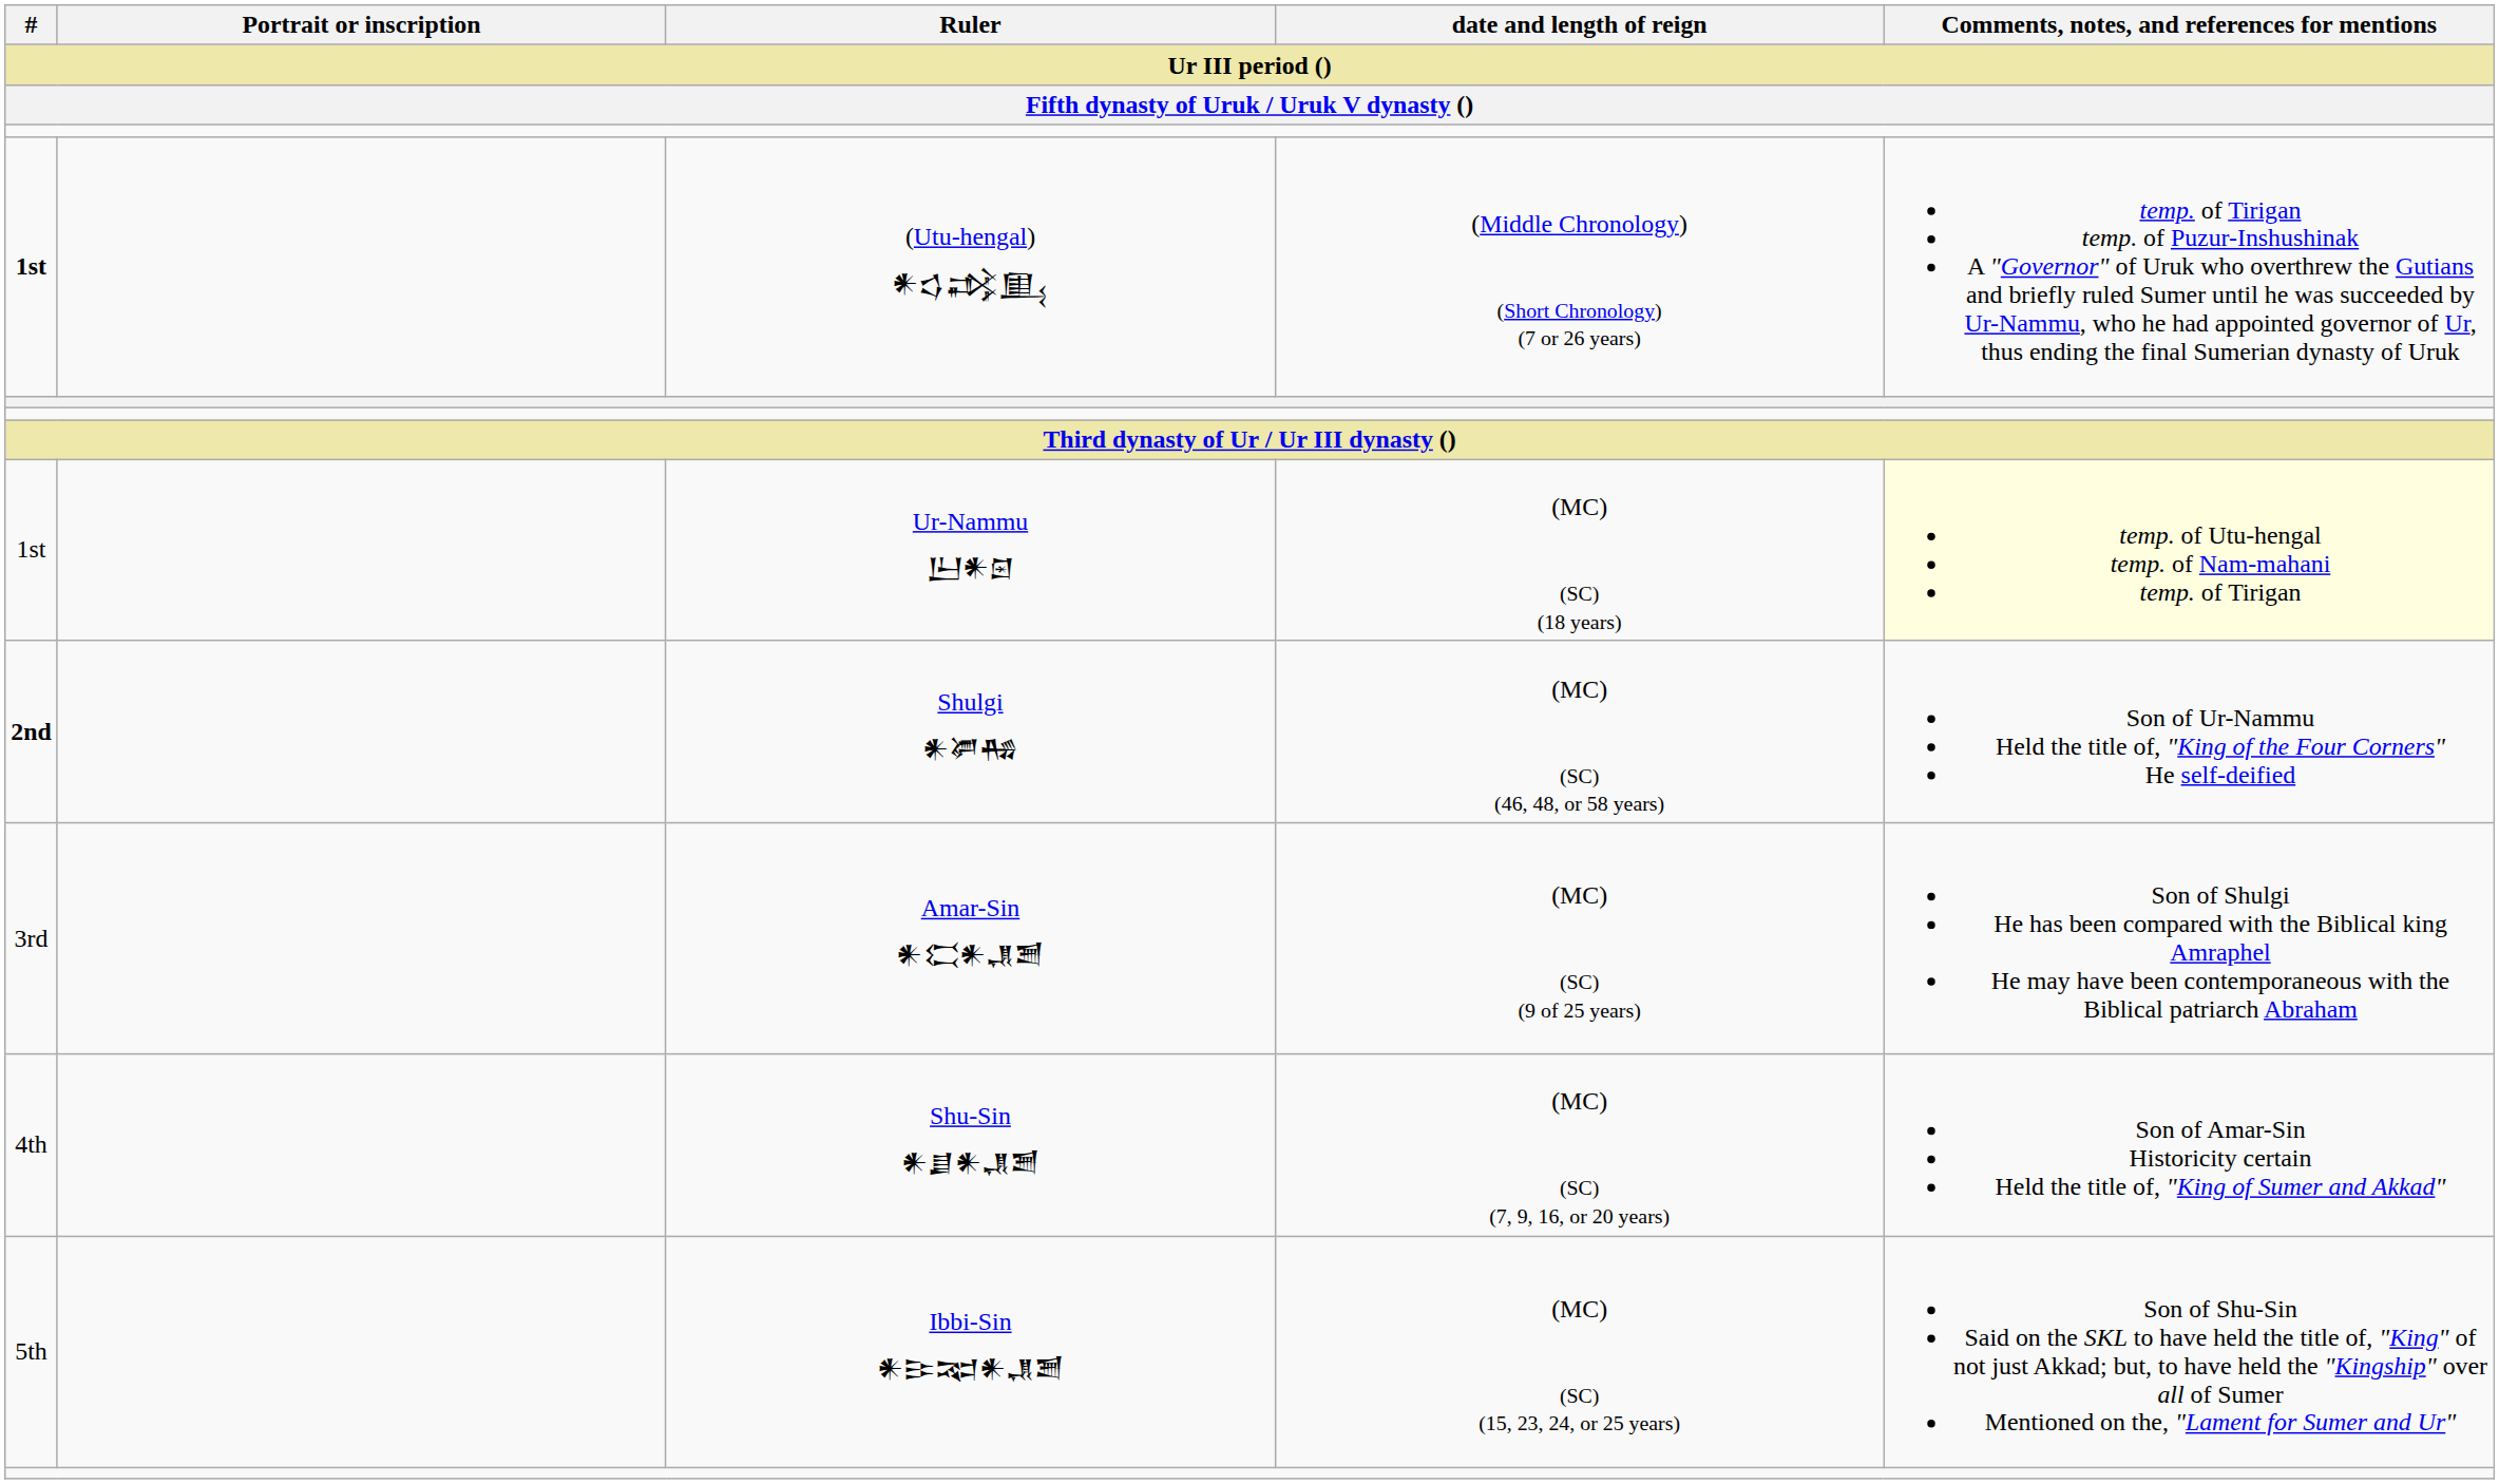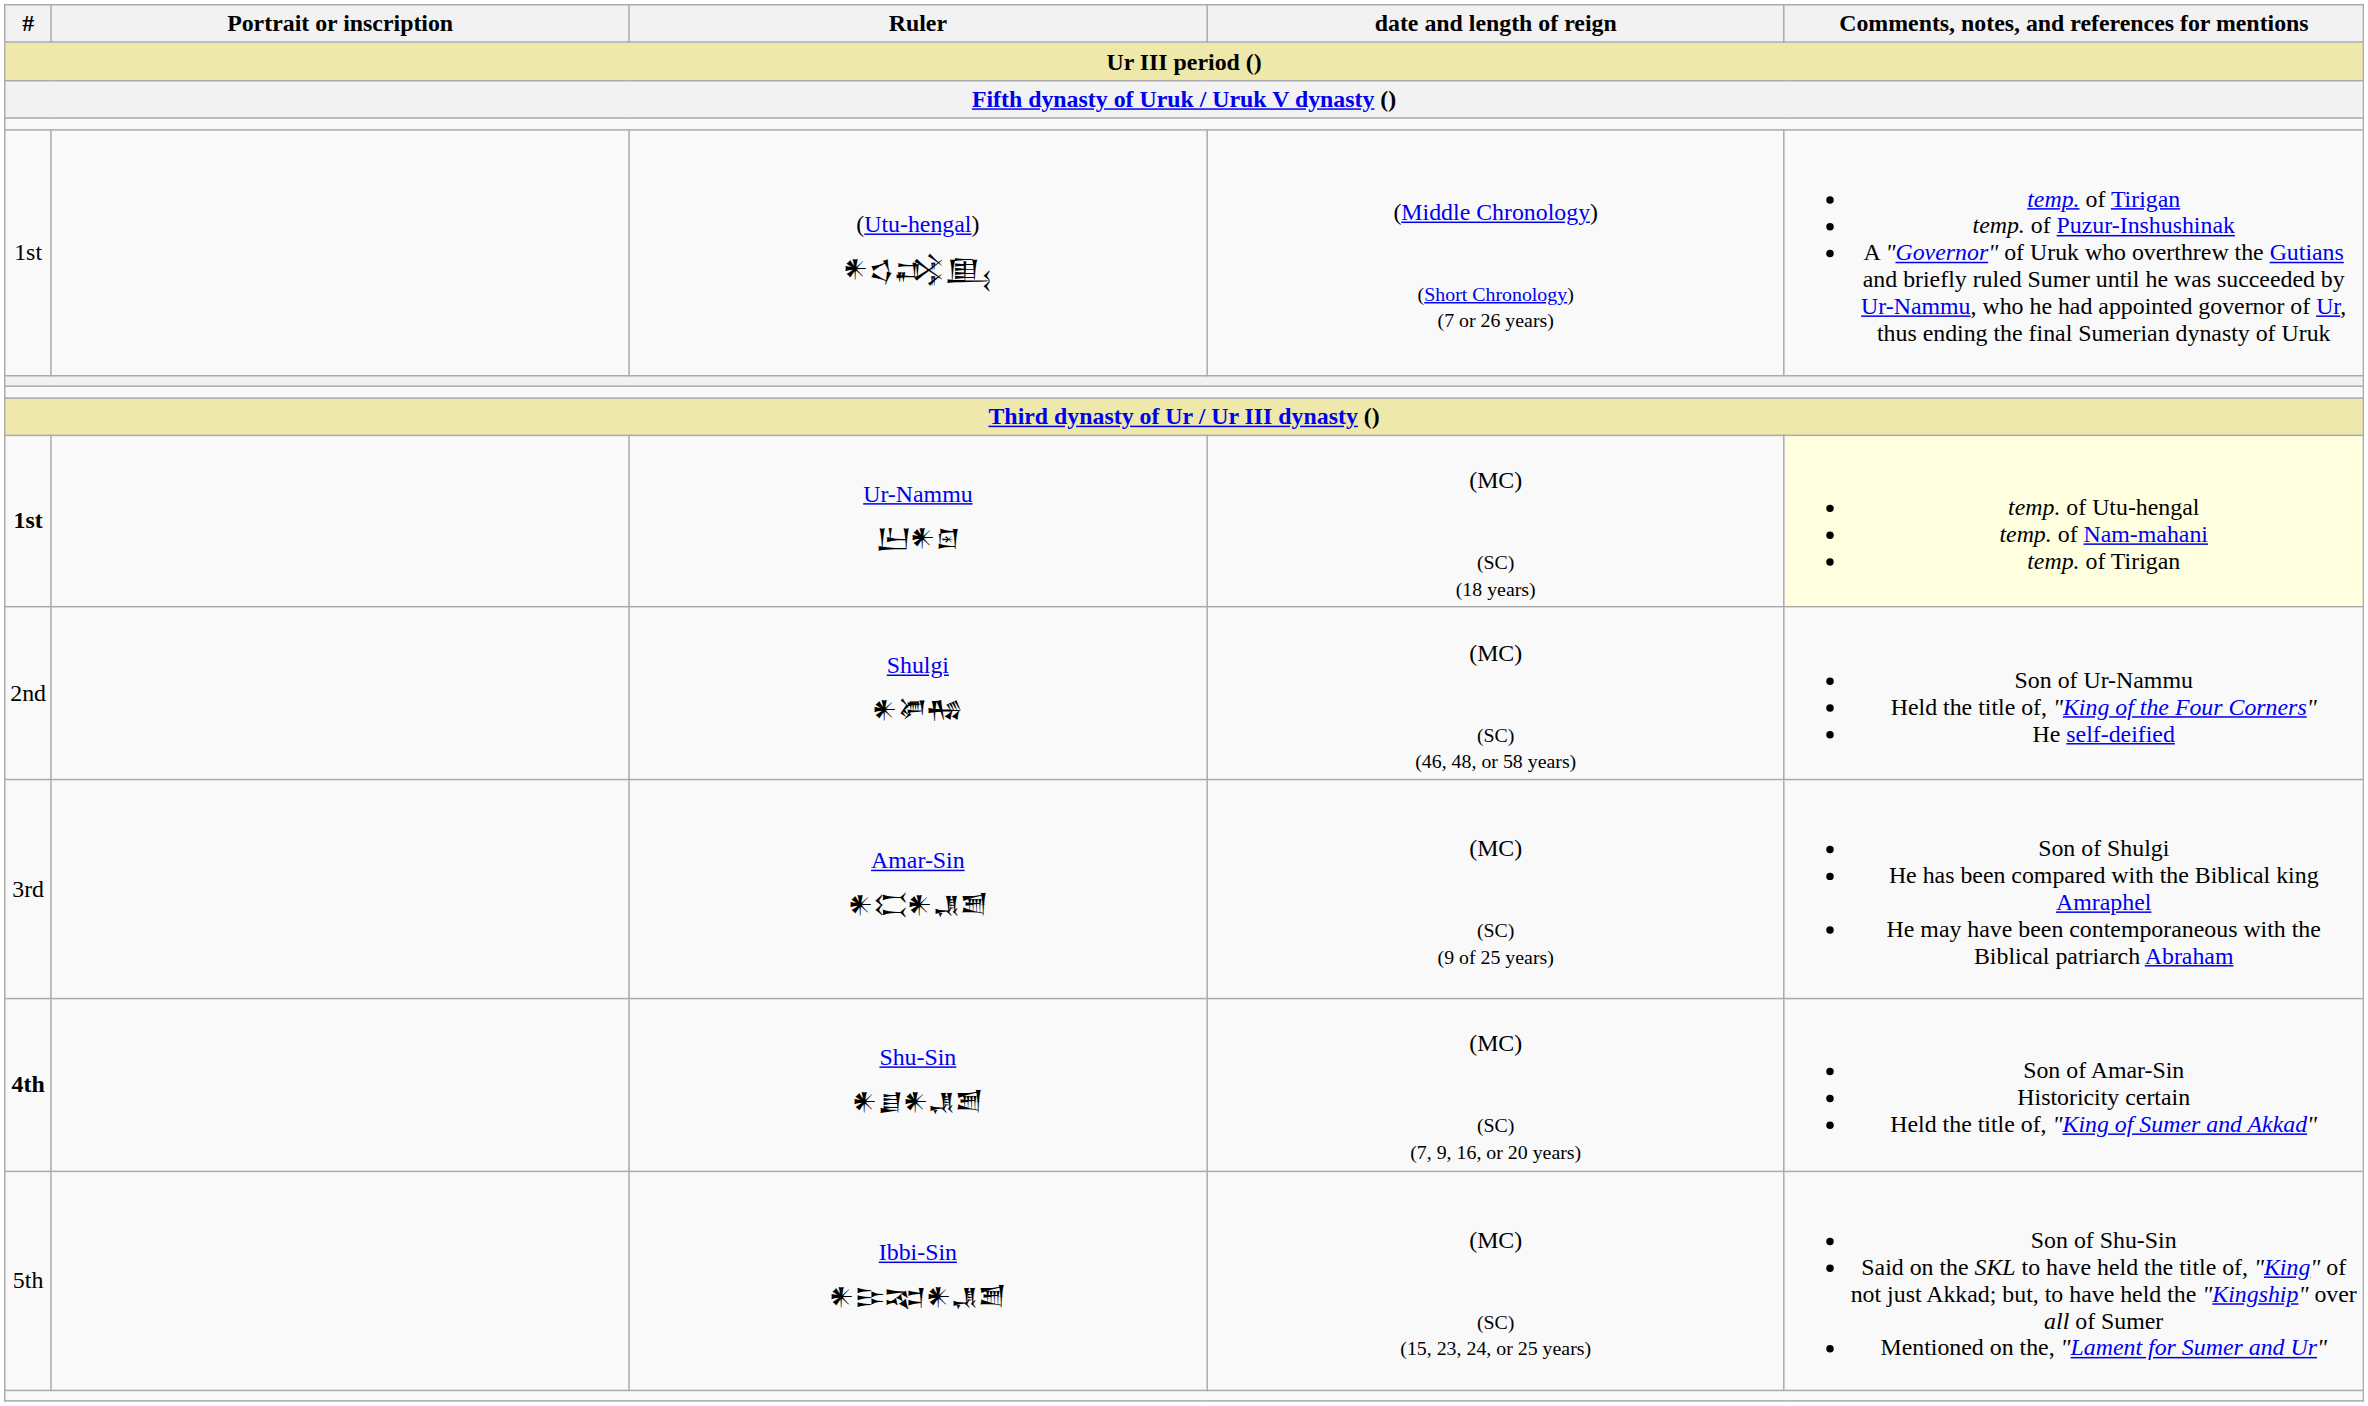 <table class="wikitable"border="1"style="width:100%;text-align:center">
 <tr>
 <th width="1%">#</th>
 <th width="24.75%">Portrait or inscription</th>
 <th width="24.75%">Ruler</th>
 <th width="24.75%"> date and length of reign</th>
 <th width="24.75%">Comments, notes, and references for mentions</th>
 </tr>
 <tr>
 <td colspan="5"align="center"style="background-color:palegoldenrod"><strong>Ur III period ()</strong></td>
 </tr>
 <tr>
 <th colspan="5"><a href='#'>Fifth dynasty of Uruk / Uruk V dynasty</a> ()</th>
 </tr>
 <tr>
 <td colspan="5"align="left"></td>
 </tr>
 <tr>
-<td><strong>1st</strong></td>
+<td>1st</td>
 <td></td>
 <td>(<a href='#'>Utu-hengal</a>)<br>𒀭𒌓𒃶𒅅</td>
 <td><br>(<a href='#'>Middle Chronology</a>)<br><br><small><br>(<a href='#'>Short Chronology</a>)<br>(7 or 26 years)</small></td>
 <td><br><ul><li><em><a href='#'>temp.</a></em> of <a href='#'>Tirigan</a></li><li><em>temp.</em> of <a href='#'>Puzur-Inshushinak</a></li><li>A <em>"<a href='#'>Governor</a>"</em> of Uruk who overthrew the <a href='#'>Gutians</a> and briefly ruled Sumer until he was succeeded by <a href='#'>Ur-Nammu</a>, who he had appointed governor of <a href='#'>Ur</a>, thus ending the final Sumerian dynasty of Uruk</li></ul></td>
 </tr>
 <tr>
 <th colspan="5"></th>
 </tr>
 <tr>
 <td colspan="5"align="left"></td>
 </tr>
 <tr>
 <td colspan="5"align="center"style="background-color:palegoldenrod"><strong><a href='#'>Third dynasty of Ur / Ur III dynasty</a> ()</strong></td>
 </tr>
 <tr>
-<td>1st</td>
+<td><strong>1st</strong></td>
 <td></td>
 <td><a href='#'>Ur-Nammu</a><br>𒌨𒀭𒇉</td>
 <td><br>(MC)<br><br><small><br>(SC)<br>(18 years)</small></td>
 <td style="background: lightyellow;"><br><ul><li><em>temp.</em> of Utu-hengal</li><li><em>temp.</em> of <a href='#'>Nam-mahani</a></li><li><em>temp.</em> of Tirigan</li></ul></td>
 </tr>
 <tr>
-<td><strong>2nd</strong></td>
+<td>2nd</td>
 <td></td>
 <td><a href='#'>Shulgi</a><br>𒀭𒂄𒄀</td>
 <td><br>(MC)<br><br><small><br>(SC)<br>(46, 48, or 58 years)</small></td>
 <td><br><ul><li>Son of Ur-Nammu</li><li>Held the title of, <em>"<a href='#'>King of the Four Corners</a>"</em></li><li>He <a href='#'>self-deified</a></li></ul></td>
 </tr>
 <tr>
 <td>3rd</td>
 <td></td>
 <td><a href='#'>Amar-Sin</a><br>𒀭𒀫𒀭𒂗𒍪</td>
 <td><br>(MC)<br><br><small><br>(SC)<br>(9 of 25 years)</small></td>
 <td><br><ul><li>Son of Shulgi</li><li>He has been compared with the Biblical king <a href='#'>Amraphel</a></li><li>He may have been contemporaneous with the Biblical patriarch <a href='#'>Abraham</a></li></ul></td>
 </tr>
 <tr>
-<td>4th</td>
+<td><strong>4th</strong></td>
 <td></td>
 <td><a href='#'>Shu-Sin</a><br>𒀭𒋗𒀭𒂗𒍪</td>
 <td><br>(MC)<br><br><small><br>(SC)<br>(7, 9, 16, or 20 years)</small></td>
 <td><br><ul><li>Son of Amar-Sin</li><li>Historicity certain</li><li>Held the title of, <em>"<a href='#'>King of Sumer and Akkad</a>"</em></li></ul></td>
 </tr>
 <tr>
 <td>5th</td>
 <td></td>
 <td><a href='#'>Ibbi-Sin</a><br>𒀭𒄿𒉈𒀭𒂗𒍪</td>
 <td><br>(MC)<br><br><small><br>(SC)<br>(15, 23, 24, or 25 years)</small></td>
 <td><br><ul><li>Son of Shu-Sin</li><li>Said on the <em>SKL</em> to have held the title of, <em>"<a href='#'>King</a>"</em> of not just Akkad; but, to have held the <em>"<a href='#'>Kingship</a>"</em> over <em>all</em> of Sumer</li><li>Mentioned on the, <em>"<a href='#'>Lament for Sumer and Ur</a>"</em></li></ul></td>
 </tr>
 <tr>
 <td colspan="5"align="left"></td>
 </tr>
 </table>
